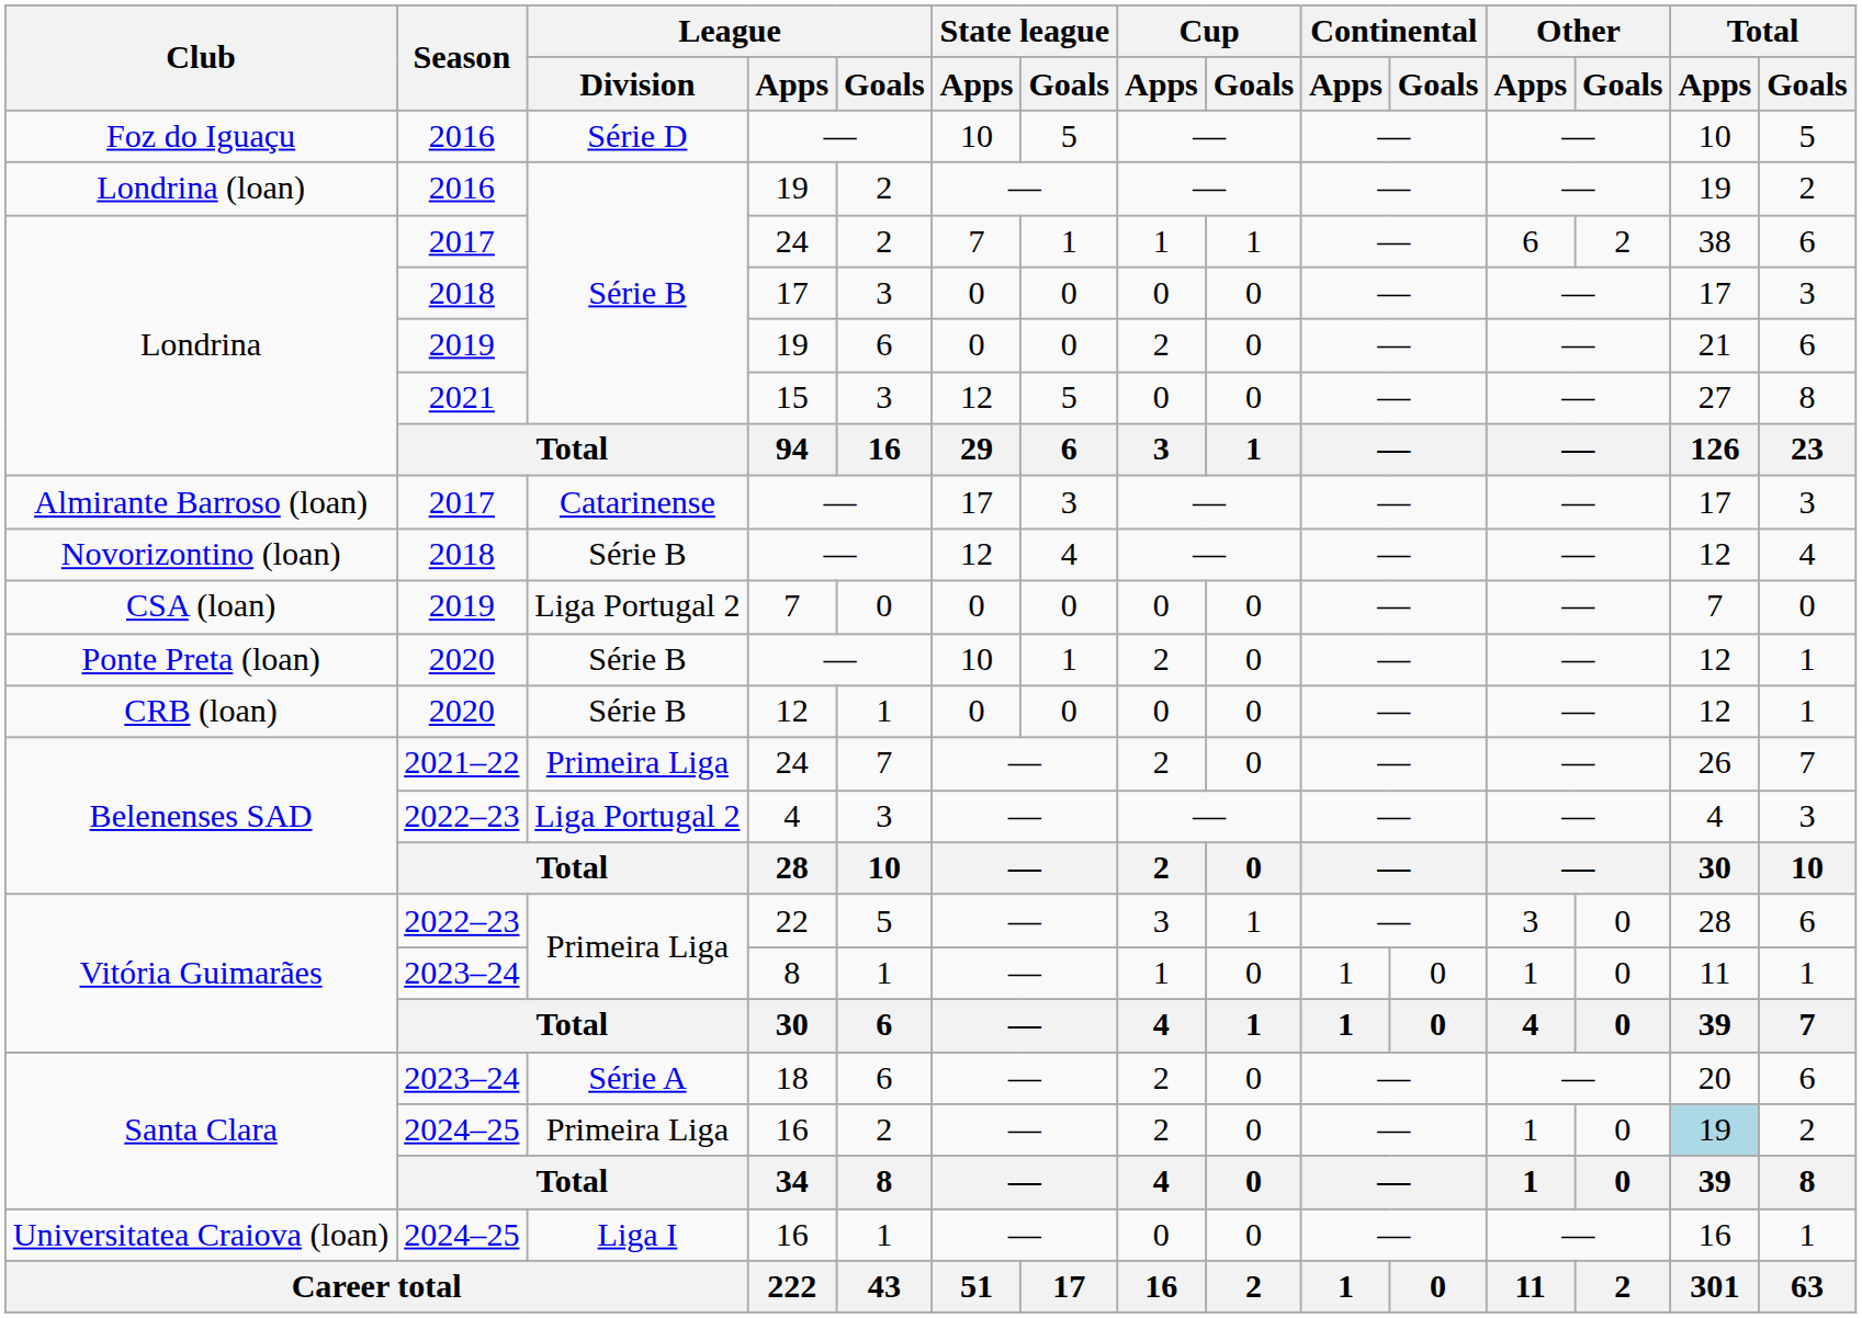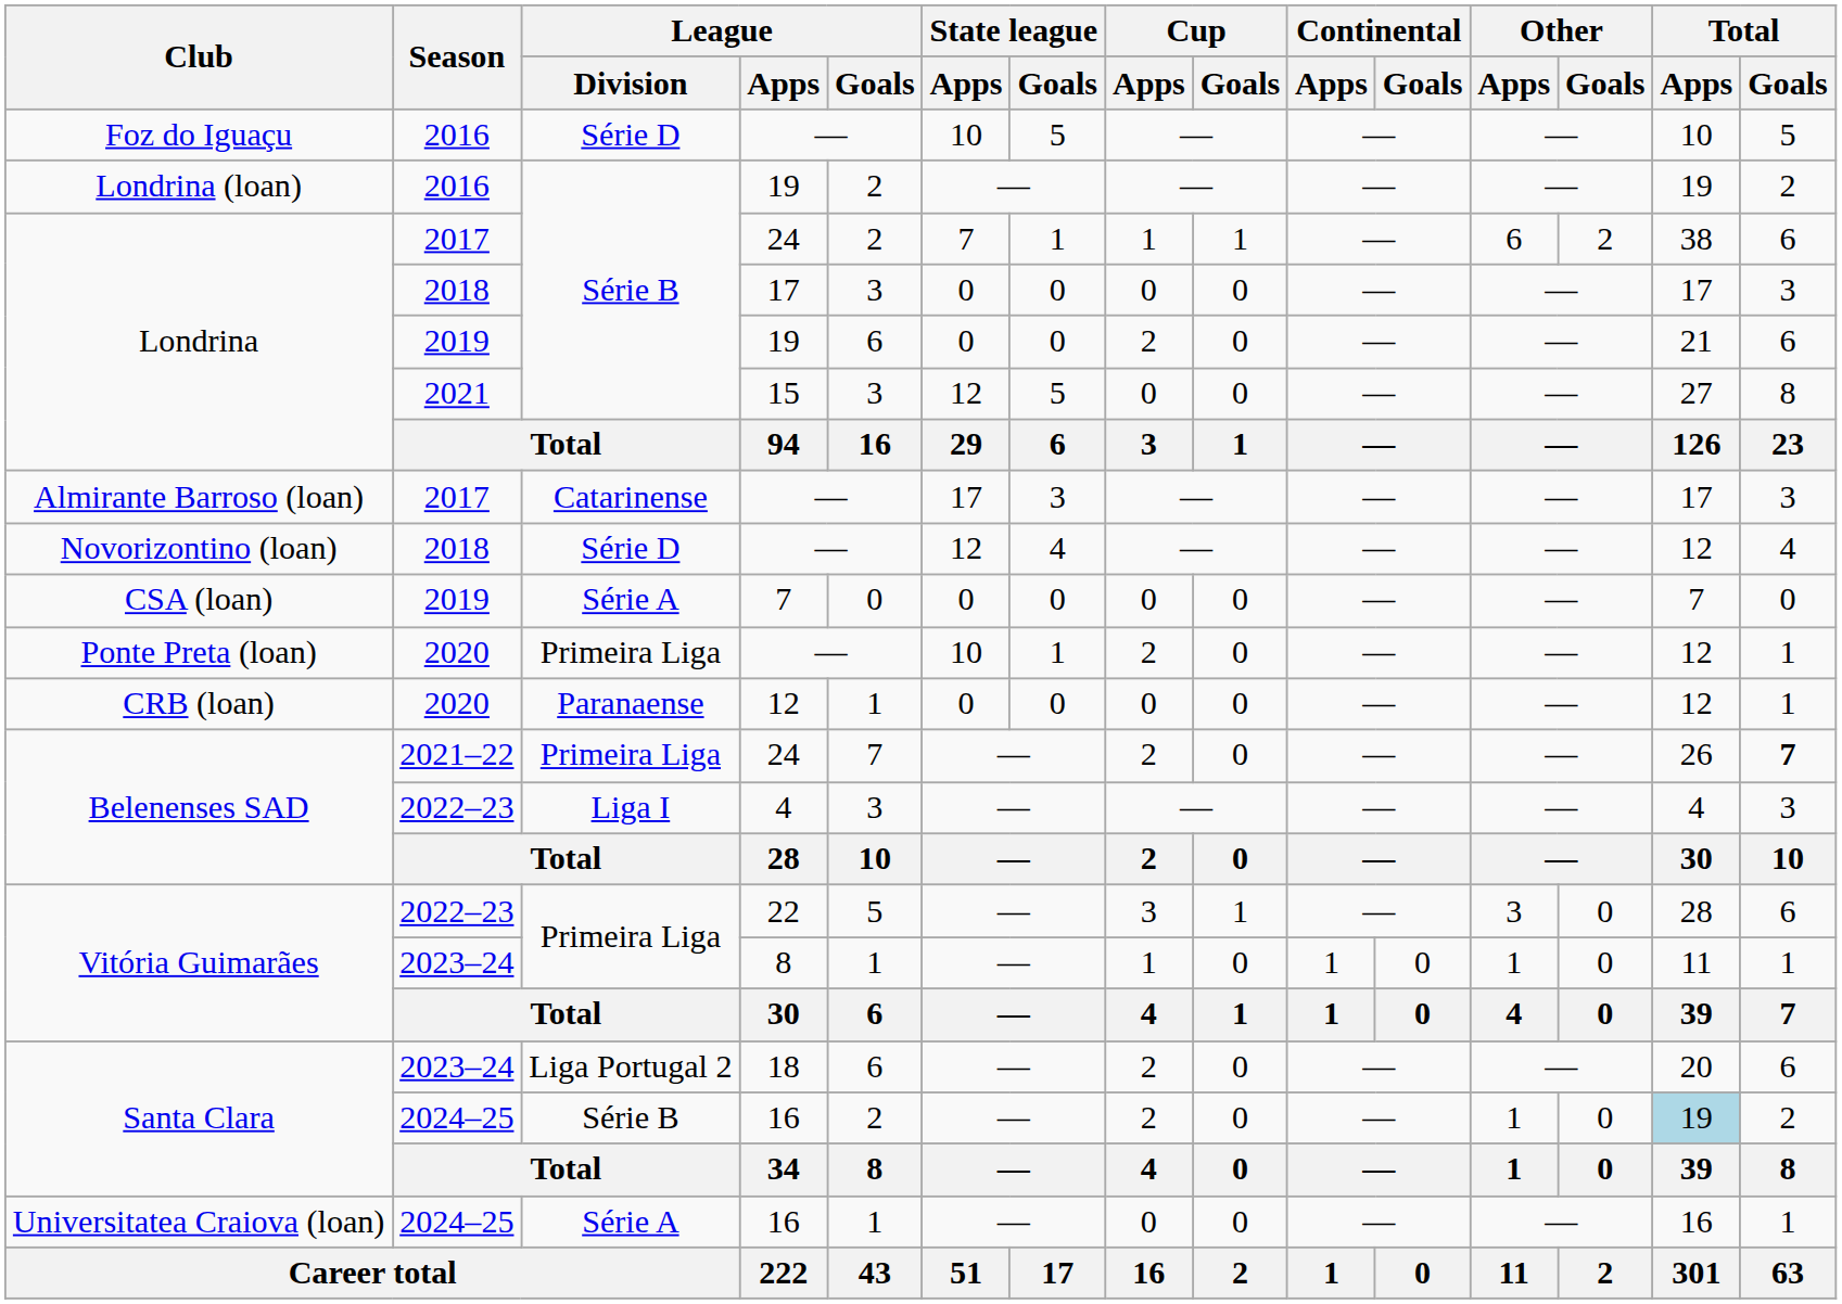 <table class="wikitable" style="text-align: center;">
 <tr>
 <th rowspan="2">Club</th>
 <th rowspan="2">Season</th>
 <th colspan="3">League</th>
 <th colspan="2">State league</th>
 <th colspan="2">Cup</th>
 <th colspan="2">Continental</th>
 <th colspan="2">Other</th>
 <th colspan="2">Total</th>
 </tr>
 <tr>
 <th>Division</th>
 <th>Apps</th>
 <th>Goals</th>
 <th>Apps</th>
 <th>Goals</th>
 <th>Apps</th>
 <th>Goals</th>
 <th>Apps</th>
 <th>Goals</th>
 <th>Apps</th>
 <th>Goals</th>
 <th>Apps</th>
 <th>Goals</th>
 </tr>
 <tr>
 <td valign="center"><a href='#'>Foz do Iguaçu</a></td>
 <td><a href='#'>2016</a></td>
 <td><a href='#'>Série D</a></td>
 <td colspan="2">—</td>
 <td>10</td>
 <td>5</td>
 <td colspan="2">—</td>
 <td colspan="2">—</td>
 <td colspan="2">—</td>
 <td>10</td>
 <td>5</td>
 </tr>
 <tr>
 <td rowspan="1" valign="center"><a href='#'>Londrina</a> (loan)</td>
 <td><a href='#'>2016</a></td>
 <td rowspan="5"><a href='#'>Série B</a></td>
 <td>19</td>
 <td>2</td>
 <td colspan="2">—</td>
 <td colspan="2">—</td>
 <td colspan="2">—</td>
 <td colspan="2">—</td>
 <td>19</td>
 <td>2</td>
 </tr>
 <tr>
 <td rowspan="5" valign="center">Londrina</td>
 <td><a href='#'>2017</a></td>
 <td>24</td>
 <td>2</td>
 <td>7</td>
 <td>1</td>
 <td>1</td>
 <td>1</td>
 <td colspan="2">—</td>
 <td>6</td>
 <td>2</td>
 <td>38</td>
 <td>6</td>
 </tr>
 <tr>
 <td><a href='#'>2018</a></td>
 <td>17</td>
 <td>3</td>
 <td>0</td>
 <td>0</td>
 <td>0</td>
 <td>0</td>
 <td colspan="2">—</td>
 <td colspan="2">—</td>
 <td>17</td>
 <td>3</td>
 </tr>
 <tr>
 <td><a href='#'>2019</a></td>
 <td>19</td>
 <td>6</td>
 <td>0</td>
 <td>0</td>
 <td>2</td>
 <td>0</td>
 <td colspan="2">—</td>
 <td colspan="2">—</td>
 <td>21</td>
 <td>6</td>
 </tr>
 <tr>
 <td><a href='#'>2021</a></td>
 <td>15</td>
 <td>3</td>
 <td>12</td>
 <td>5</td>
 <td>0</td>
 <td>0</td>
 <td colspan="2">—</td>
 <td colspan="2">—</td>
 <td>27</td>
 <td>8</td>
 </tr>
 <tr>
 <th colspan="2">Total</th>
 <th>94</th>
 <th>16</th>
 <th>29</th>
 <th>6</th>
 <th>3</th>
 <th>1</th>
 <th colspan="2">—</th>
 <th colspan="2">—</th>
 <th>126</th>
 <th>23</th>
 </tr>
 <tr>
 <td valign="center"><a href='#'>Almirante Barroso</a> (loan)</td>
 <td><a href='#'>2017</a></td>
 <td><a href='#'>Catarinense</a></td>
 <td colspan="2">—</td>
 <td>17</td>
 <td>3</td>
 <td colspan="2">—</td>
 <td colspan="2">—</td>
 <td colspan="2">—</td>
 <td>17</td>
 <td>3</td>
 </tr>
 <tr>
 <td valign="center"><a href='#'>Novorizontino</a> (loan)</td>
 <td><a href='#'>2018</a></td>
-<td>Série B</td>
+<td><a href='#'>Série D</a></td>
 <td colspan="2">—</td>
 <td>12</td>
 <td>4</td>
 <td colspan="2">—</td>
 <td colspan="2">—</td>
 <td colspan="2">—</td>
 <td>12</td>
 <td>4</td>
 </tr>
 <tr>
 <td valign="center"><a href='#'>CSA</a> (loan)</td>
 <td><a href='#'>2019</a></td>
-<td>Liga Portugal 2</td>
+<td><a href='#'>Série A</a></td>
 <td>7</td>
 <td>0</td>
 <td>0</td>
 <td>0</td>
 <td>0</td>
 <td>0</td>
 <td colspan="2">—</td>
 <td colspan="2">—</td>
 <td>7</td>
 <td>0</td>
 </tr>
 <tr>
 <td valign="center"><a href='#'>Ponte Preta</a> (loan)</td>
 <td><a href='#'>2020</a></td>
-<td>Série B</td>
+<td>Primeira Liga</td>
 <td colspan="2">—</td>
 <td>10</td>
 <td>1</td>
 <td>2</td>
 <td>0</td>
 <td colspan="2">—</td>
 <td colspan="2">—</td>
 <td>12</td>
 <td>1</td>
 </tr>
 <tr>
 <td valign="center"><a href='#'>CRB</a> (loan)</td>
 <td><a href='#'>2020</a></td>
-<td>Série B</td>
+<td><a href='#'>Paranaense</a></td>
 <td>12</td>
 <td>1</td>
 <td>0</td>
 <td>0</td>
 <td>0</td>
 <td>0</td>
 <td colspan="2">—</td>
 <td colspan="2">—</td>
 <td>12</td>
 <td>1</td>
 </tr>
 <tr>
 <td rowspan="3" valign="center"><a href='#'>Belenenses SAD</a></td>
 <td><a href='#'>2021–22</a></td>
 <td><a href='#'>Primeira Liga</a></td>
 <td>24</td>
 <td>7</td>
 <td colspan="2">—</td>
 <td>2</td>
 <td>0</td>
 <td colspan="2">—</td>
 <td colspan="2">—</td>
 <td>26</td>
-<td>7</td>
+<td><strong>7</strong></td>
 </tr>
 <tr>
 <td><a href='#'>2022–23</a></td>
-<td><a href='#'>Liga Portugal 2</a></td>
+<td><a href='#'>Liga I</a></td>
 <td>4</td>
 <td>3</td>
 <td colspan="2">—</td>
 <td colspan="2">—</td>
 <td colspan="2">—</td>
 <td colspan="2">—</td>
 <td>4</td>
 <td>3</td>
 </tr>
 <tr>
 <th colspan="2">Total</th>
 <th>28</th>
 <th>10</th>
 <th colspan="2">—</th>
 <th>2</th>
 <th>0</th>
 <th colspan="2">—</th>
 <th colspan="2">—</th>
 <th>30</th>
 <th>10</th>
 </tr>
 <tr>
 <td rowspan="3" valign="center"><a href='#'>Vitória Guimarães</a></td>
 <td><a href='#'>2022–23</a></td>
 <td rowspan="2">Primeira Liga</td>
 <td>22</td>
 <td>5</td>
 <td colspan="2">—</td>
 <td>3</td>
 <td>1</td>
 <td colspan="2">—</td>
 <td>3</td>
 <td>0</td>
 <td>28</td>
 <td>6</td>
 </tr>
 <tr>
 <td><a href='#'>2023–24</a></td>
 <td>8</td>
 <td>1</td>
 <td colspan="2">—</td>
 <td>1</td>
 <td>0</td>
 <td>1</td>
 <td>0</td>
 <td>1</td>
 <td>0</td>
 <td>11</td>
 <td>1</td>
 </tr>
 <tr>
 <th colspan="2">Total</th>
 <th>30</th>
 <th>6</th>
 <th colspan="2">—</th>
 <th>4</th>
 <th>1</th>
 <th>1</th>
 <th>0</th>
 <th>4</th>
 <th>0</th>
 <th>39</th>
 <th>7</th>
 </tr>
 <tr>
 <td rowspan="3" valign="center"><a href='#'>Santa Clara</a></td>
 <td><a href='#'>2023–24</a></td>
-<td><a href='#'>Série A</a></td>
+<td>Liga Portugal 2</td>
 <td>18</td>
 <td>6</td>
 <td colspan="2">—</td>
 <td>2</td>
 <td>0</td>
 <td colspan="2">—</td>
 <td colspan="2">—</td>
 <td>20</td>
 <td>6</td>
 </tr>
 <tr>
 <td><a href='#'>2024–25</a></td>
-<td>Primeira Liga</td>
+<td>Série B</td>
 <td>16</td>
 <td>2</td>
 <td colspan="2">—</td>
 <td>2</td>
 <td>0</td>
 <td colspan="2">—</td>
 <td>1</td>
 <td>0</td>
 <td style="background: lightblue;">19</td>
 <td>2</td>
 </tr>
 <tr>
 <th colspan="2">Total</th>
 <th>34</th>
 <th>8</th>
 <th colspan="2">—</th>
 <th>4</th>
 <th>0</th>
 <th colspan="2">—</th>
 <th>1</th>
 <th>0</th>
 <th>39</th>
 <th>8</th>
 </tr>
 <tr>
 <td valign="center"><a href='#'>Universitatea Craiova</a> (loan)</td>
 <td><a href='#'>2024–25</a></td>
-<td><a href='#'>Liga I</a></td>
+<td><a href='#'>Série A</a></td>
 <td>16</td>
 <td>1</td>
 <td colspan="2">—</td>
 <td>0</td>
 <td>0</td>
 <td colspan="2">—</td>
 <td colspan="2">—</td>
 <td>16</td>
 <td>1</td>
 </tr>
 <tr>
 <th colspan="3"><strong>Career total</strong></th>
 <th>222</th>
 <th>43</th>
 <th>51</th>
 <th>17</th>
 <th>16</th>
 <th>2</th>
 <th>1</th>
 <th>0</th>
 <th>11</th>
 <th>2</th>
 <th>301</th>
 <th>63</th>
 </tr>
 </table>
